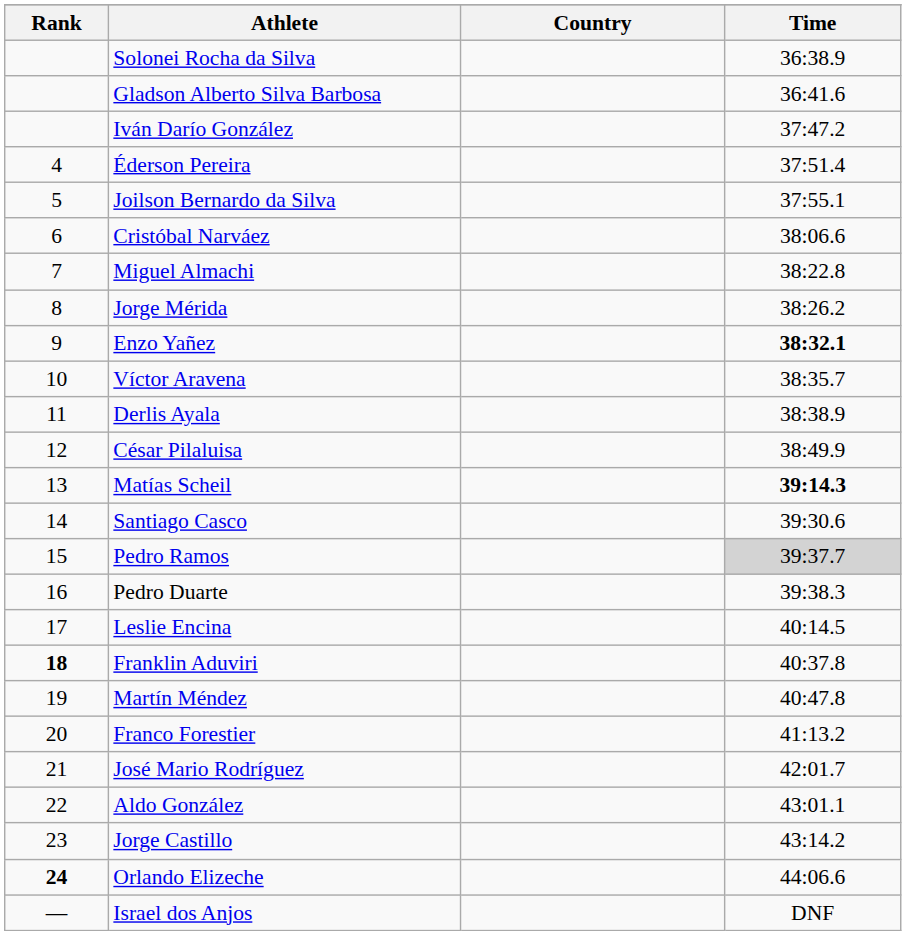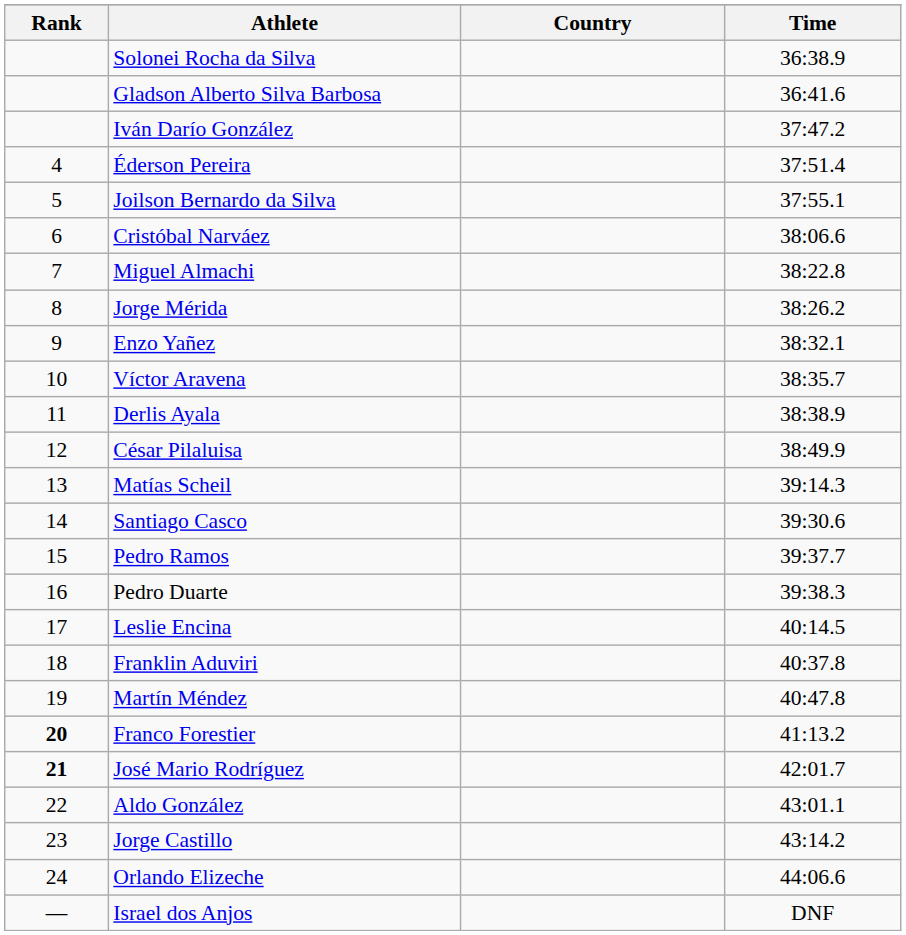 <table class="wikitable sortable" style=" text-align:center; font-size:95%;" width="50%">
 <tr>
 </tr>
 <tr>
 <th width=5%>Rank</th>
 <th width=20%>Athlete</th>
 <th width=15%>Country</th>
 <th width=10%>Time</th>
 </tr>
 <tr>
 <td align=center></td>
 <td align=left><a href='#'>Solonei Rocha da Silva</a></td>
 <td align=left></td>
 <td>36:38.9</td>
 </tr>
 <tr>
 <td align=center></td>
 <td align=left><a href='#'>Gladson Alberto Silva Barbosa</a></td>
 <td align=left></td>
 <td>36:41.6</td>
 </tr>
 <tr>
 <td align=center></td>
 <td align=left><a href='#'>Iván Darío González</a></td>
 <td align=left></td>
 <td>37:47.2</td>
 </tr>
 <tr>
 <td align=center>4</td>
 <td align=left><a href='#'>Éderson Pereira</a></td>
 <td align=left></td>
 <td>37:51.4</td>
 </tr>
 <tr>
 <td align=center>5</td>
 <td align=left><a href='#'>Joilson Bernardo da Silva</a></td>
 <td align=left></td>
 <td>37:55.1</td>
 </tr>
 <tr>
 <td align=center>6</td>
 <td align=left><a href='#'>Cristóbal Narváez</a></td>
 <td align=left></td>
 <td>38:06.6</td>
 </tr>
 <tr>
 <td align=center>7</td>
 <td align=left><a href='#'>Miguel Almachi</a></td>
 <td align=left></td>
 <td>38:22.8</td>
 </tr>
 <tr>
 <td align=center>8</td>
 <td align=left><a href='#'>Jorge Mérida</a></td>
 <td align=left></td>
 <td>38:26.2</td>
 </tr>
 <tr>
 <td align=center>9</td>
 <td align=left><a href='#'>Enzo Yañez</a></td>
 <td align=left></td>
-<td><strong>38:32.1</strong></td>
+<td>38:32.1</td>
 </tr>
 <tr>
 <td align=center>10</td>
 <td align=left><a href='#'>Víctor Aravena</a></td>
 <td align=left></td>
 <td>38:35.7</td>
 </tr>
 <tr>
 <td align=center>11</td>
 <td align=left><a href='#'>Derlis Ayala</a></td>
 <td align=left></td>
 <td>38:38.9</td>
 </tr>
 <tr>
 <td align=center>12</td>
 <td align=left><a href='#'>César Pilaluisa</a></td>
 <td align=left></td>
 <td>38:49.9</td>
 </tr>
 <tr>
 <td align=center>13</td>
 <td align=left><a href='#'>Matías Scheil</a></td>
 <td align=left></td>
-<td><strong>39:14.3</strong></td>
+<td>39:14.3</td>
 </tr>
 <tr>
 <td align=center>14</td>
 <td align=left><a href='#'>Santiago Casco</a></td>
 <td align=left></td>
 <td>39:30.6</td>
 </tr>
 <tr>
 <td align=center>15</td>
 <td align=left><a href='#'>Pedro Ramos</a></td>
 <td align=left></td>
-<td style="background: lightgrey;">39:37.7</td>
+<td>39:37.7</td>
 </tr>
 <tr>
 <td align=center>16</td>
 <td align=left>Pedro Duarte</td>
 <td align=left></td>
 <td>39:38.3</td>
 </tr>
 <tr>
 <td align=center>17</td>
 <td align=left><a href='#'>Leslie Encina</a></td>
 <td align=left></td>
 <td>40:14.5</td>
 </tr>
 <tr>
-<td align=center><strong>18</strong></td>
+<td align=center>18</td>
 <td align=left><a href='#'>Franklin Aduviri</a></td>
 <td align=left></td>
 <td>40:37.8</td>
 </tr>
 <tr>
 <td align=center>19</td>
 <td align=left><a href='#'>Martín Méndez</a></td>
 <td align=left></td>
 <td>40:47.8</td>
 </tr>
 <tr>
-<td align=center>20</td>
+<td align=center><strong>20</strong></td>
 <td align=left><a href='#'>Franco Forestier</a></td>
 <td align=left></td>
 <td>41:13.2</td>
 </tr>
 <tr>
-<td align=center>21</td>
+<td align=center><strong>21</strong></td>
 <td align=left><a href='#'>José Mario Rodríguez</a></td>
 <td align=left></td>
 <td>42:01.7</td>
 </tr>
 <tr>
 <td align=center>22</td>
 <td align=left><a href='#'>Aldo González</a></td>
 <td align=left></td>
 <td>43:01.1</td>
 </tr>
 <tr>
 <td align=center>23</td>
 <td align=left><a href='#'>Jorge Castillo</a></td>
 <td align=left></td>
 <td>43:14.2</td>
 </tr>
 <tr>
-<td align=center><strong>24</strong></td>
+<td align=center>24</td>
 <td align=left><a href='#'>Orlando Elizeche</a></td>
 <td align=left></td>
 <td>44:06.6</td>
 </tr>
 <tr>
 <td align=center>—</td>
 <td align=left><a href='#'>Israel dos Anjos</a></td>
 <td align=left></td>
 <td>DNF</td>
 </tr>
 </table>
